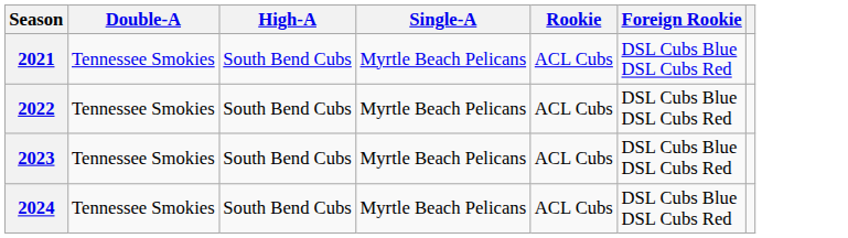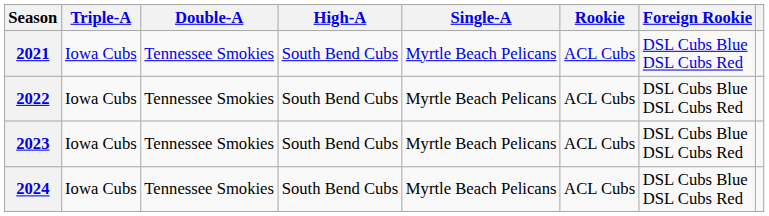 <table class="wikitable plainrowheaders">
 <tr>
 <th scope="col">Season</th>
+<th scope="col"><a href='#'><span>Triple-A</span></a></th>
 <th scope="col"><a href='#'><span>Double-A</span></a></th>
 <th scope="col"><a href='#'><span>High-A</span></a></th>
 <th scope="col"><a href='#'><span>Single-A</span></a></th>
 <th scope="col"><a href='#'><span>Rookie</span></a></th>
 <th scope="col"><a href='#'><span>Foreign Rookie</span></a></th>
 <th scope="col"></th>
 </tr>
 <tr>
 <th scope="row" style="text-align:center"><a href='#'>2021</a></th>
+<td><a href='#'>Iowa Cubs</a></td>
 <td><a href='#'>Tennessee Smokies</a></td>
 <td><a href='#'>South Bend Cubs</a></td>
 <td><a href='#'>Myrtle Beach Pelicans</a></td>
 <td><a href='#'>ACL Cubs</a></td>
 <td><a href='#'>DSL Cubs Blue</a><br><a href='#'>DSL Cubs Red</a></td>
 <td align="center"></td>
 </tr>
 <tr>
 <th scope="row" style="text-align:center"><a href='#'>2022</a></th>
+<td>Iowa Cubs</td>
 <td>Tennessee Smokies</td>
 <td>South Bend Cubs</td>
 <td>Myrtle Beach Pelicans</td>
 <td>ACL Cubs</td>
 <td>DSL Cubs Blue<br>DSL Cubs Red</td>
 <td align="center"></td>
 </tr>
 <tr>
 <th scope="row" style="text-align:center"><a href='#'>2023</a></th>
+<td>Iowa Cubs</td>
 <td>Tennessee Smokies</td>
 <td>South Bend Cubs</td>
 <td>Myrtle Beach Pelicans</td>
 <td>ACL Cubs</td>
 <td>DSL Cubs Blue<br>DSL Cubs Red</td>
 <td align="center"></td>
 </tr>
 <tr>
 <th scope="row" style="text-align:center"><a href='#'>2024</a></th>
+<td>Iowa Cubs</td>
 <td>Tennessee Smokies</td>
 <td>South Bend Cubs</td>
 <td>Myrtle Beach Pelicans</td>
 <td>ACL Cubs</td>
 <td>DSL Cubs Blue<br>DSL Cubs Red</td>
 <td align="center"></td>
 </tr>
 </table>
